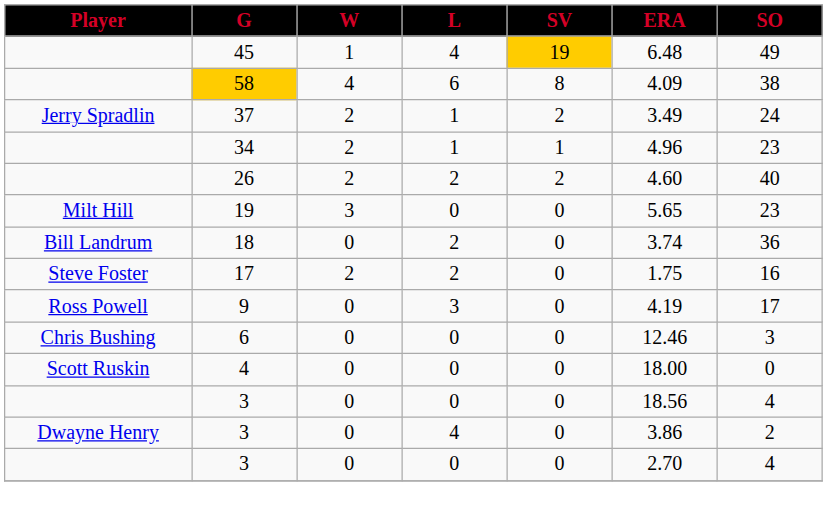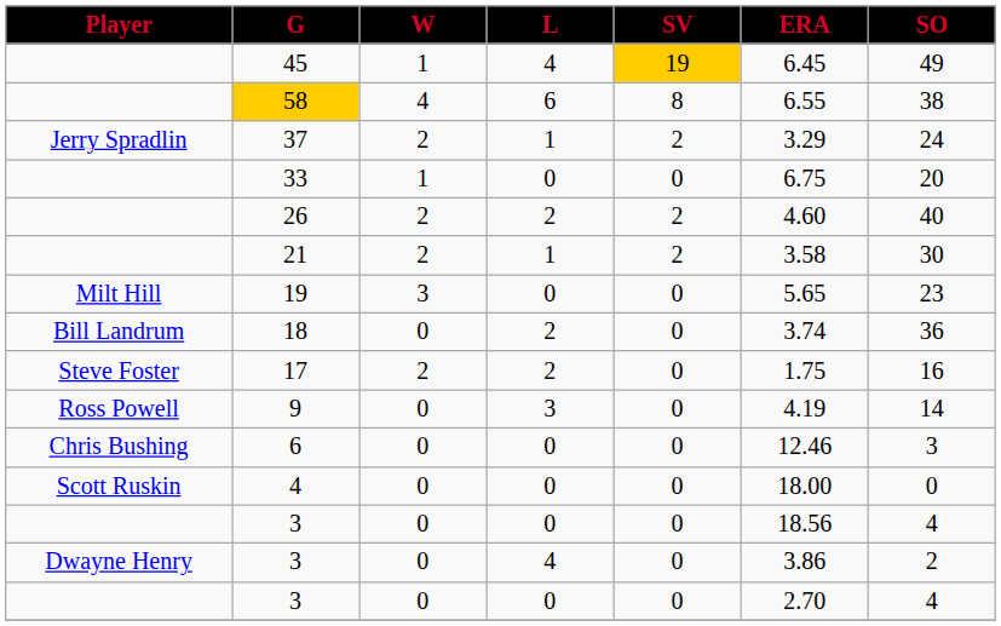 <table class="wikitable sortable">
 <tr>
 <th style="background:black;color:#d40026;" width="16%">Player</th>
 <th style="background:black;color:#d40026;" width="9%">G</th>
 <th style="background:black;color:#d40026;" width="9%">W</th>
 <th style="background:black;color:#d40026;" width="9%">L</th>
 <th style="background:black;color:#d40026;" width="9%">SV</th>
 <th style="background:black;color:#d40026;" width="9%">ERA</th>
 <th style="background:black;color:#d40026;" width="9%">SO</th>
 </tr>
 <tr align="center">
 <td></td>
 <td>45</td>
 <td>1</td>
 <td>4</td>
 <td style="background:#fc0;">19</td>
-<td>6.48</td>
+<td>6.45</td>
 <td>49</td>
 </tr>
 <tr align="center">
 <td></td>
 <td style="background:#fc0;">58</td>
 <td>4</td>
 <td>6</td>
 <td>8</td>
-<td>4.09</td>
+<td>6.55</td>
 <td>38</td>
 </tr>
 <tr align="center">
 <td><a href='#'>Jerry Spradlin</a></td>
 <td>37</td>
 <td>2</td>
 <td>1</td>
 <td>2</td>
-<td>3.49</td>
+<td>3.29</td>
 <td>24</td>
 </tr>
-<tr align=center>
+<tr align="center">
 <td></td>
-<td>34</td>
-<td>2</td>
+<td>33</td>
 <td>1</td>
-<td>1</td>
-<td>4.96</td>
-<td>23</td>
+<td>0</td>
+<td>0</td>
+<td>6.75</td>
+<td>20</td>
 </tr>
 <tr align="center">
 <td></td>
 <td>26</td>
 <td>2</td>
 <td>2</td>
 <td>2</td>
 <td>4.60</td>
 <td>40</td>
+</tr>
+<tr align="center">
+<td></td>
+<td>21</td>
+<td>2</td>
+<td>1</td>
+<td>2</td>
+<td>3.58</td>
+<td>30</td>
 </tr>
 <tr align="center">
 <td><a href='#'>Milt Hill</a></td>
 <td>19</td>
 <td>3</td>
 <td>0</td>
 <td>0</td>
 <td>5.65</td>
 <td>23</td>
 </tr>
 <tr align=center>
 <td><a href='#'>Bill Landrum</a></td>
 <td>18</td>
 <td>0</td>
 <td>2</td>
 <td>0</td>
 <td>3.74</td>
 <td>36</td>
 </tr>
 <tr align=center>
 <td><a href='#'>Steve Foster</a></td>
 <td>17</td>
 <td>2</td>
 <td>2</td>
 <td>0</td>
 <td>1.75</td>
 <td>16</td>
 </tr>
 <tr align=center>
 <td><a href='#'>Ross Powell</a></td>
 <td>9</td>
 <td>0</td>
 <td>3</td>
 <td>0</td>
 <td>4.19</td>
-<td>17</td>
+<td>14</td>
 </tr>
 <tr align=center>
 <td><a href='#'>Chris Bushing</a></td>
 <td>6</td>
 <td>0</td>
 <td>0</td>
 <td>0</td>
 <td>12.46</td>
 <td>3</td>
 </tr>
 <tr align=center>
 <td><a href='#'>Scott Ruskin</a></td>
 <td>4</td>
 <td>0</td>
 <td>0</td>
 <td>0</td>
 <td>18.00</td>
 <td>0</td>
 </tr>
 <tr align=center>
 <td></td>
 <td>3</td>
 <td>0</td>
 <td>0</td>
 <td>0</td>
 <td>18.56</td>
 <td>4</td>
 </tr>
 <tr align="center">
 <td><a href='#'>Dwayne Henry</a></td>
 <td>3</td>
 <td>0</td>
 <td>4</td>
 <td>0</td>
 <td>3.86</td>
 <td>2</td>
 </tr>
 <tr align=center>
 <td></td>
 <td>3</td>
 <td>0</td>
 <td>0</td>
 <td>0</td>
 <td>2.70</td>
 <td>4</td>
 </tr>
 <tr align="center">
 </tr>
 </table>
